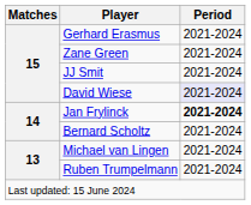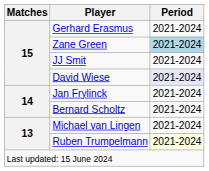 <table class="wikitable" style="font-size: 90%">
 <tr>
 <th>Matches</th>
 <th>Player</th>
 <th>Period</th>
 </tr>
 <tr>
 <th rowspan="4">15</th>
 <td><a href='#'>Gerhard Erasmus</a></td>
 <td>2021-2024</td>
 </tr>
 <tr>
 <td><a href='#'>Zane Green</a></td>
-<td>2021-2024</td>
+<td style="background: lightblue;">2021-2024</td>
 </tr>
 <tr>
 <td><a href='#'>JJ Smit</a></td>
 <td>2021-2024</td>
 </tr>
 <tr>
 <td><a href='#'>David Wiese</a></td>
 <td style="background: lavender;">2021-2024</td>
 </tr>
 <tr>
 <th rowspan="2">14</th>
 <td><a href='#'>Jan Frylinck</a></td>
-<td><strong>2021-2024</strong></td>
+<td>2021-2024</td>
 </tr>
 <tr>
 <td><a href='#'>Bernard Scholtz</a></td>
 <td>2021-2024</td>
 </tr>
 <tr>
 <th rowspan="2">13</th>
 <td><a href='#'>Michael van Lingen</a></td>
 <td>2021-2024</td>
 </tr>
 <tr>
 <td><a href='#'>Ruben Trumpelmann</a></td>
-<td>2021-2024</td>
+<td style="background: lightyellow;">2021-2024</td>
 </tr>
 <tr>
 <td colspan="7"><small>Last updated: 15 June 2024</small></td>
 </tr>
 </table>
